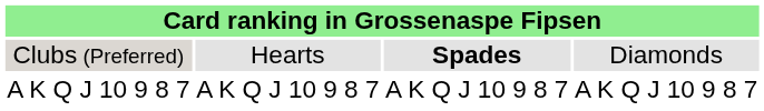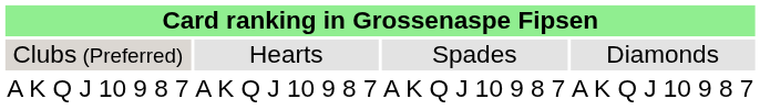 <table style="wikitable" style="float: middle; background: #c0c0c0; margin-left: 1em; border-spacing: 1px;">
 <tr align="center">
 <td style="background: #90EE90;" colspan="4"><strong>Card ranking in Grossenaspe Fipsen</strong></td>
 </tr>
 <tr align="center">
 <td style="background: #DBD7D2;">Clubs<small> (Preferred)</small></td>
 <td style="background: #e3e3e3;">Hearts</td>
-<td style="background: #e3e3e3;"><strong>Spades</strong></td>
+<td style="background: #e3e3e3;">Spades</td>
 <td style="background: #e3e3e3;">Diamonds</td>
 </tr>
 <tr align="center">
 <td style="background: #ffffff;">A K  Q J 10 9 8 7</td>
 <td style="background: #ffffff;">A K Q J 10 9 8 7</td>
 <td style="background: #ffffff;">A K Q J 10 9 8 7</td>
 <td style="background: #ffffff;">A K Q J 10 9 8 7</td>
 </tr>
 </table>
